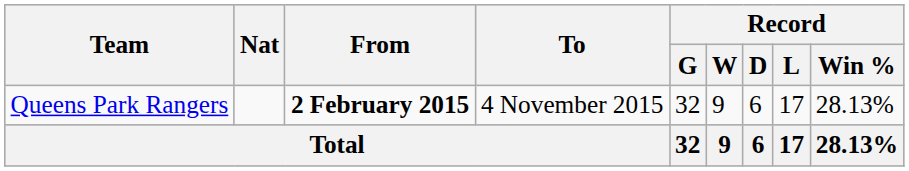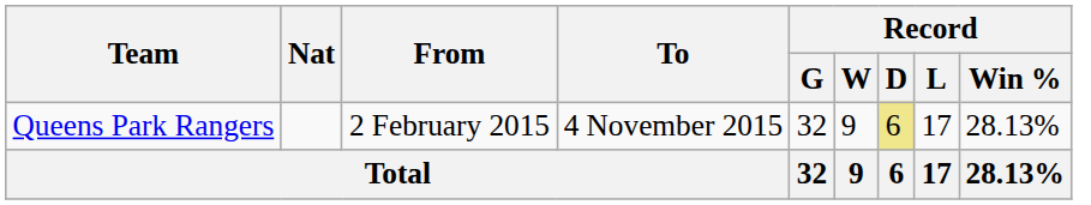 <table class="wikitable" style="text-align: centr">
 <tr>
 <th rowspan="2">Team</th>
 <th rowspan="2">Nat</th>
 <th rowspan="2">From</th>
 <th rowspan="2">To</th>
 <th colspan="5">Record</th>
 </tr>
 <tr>
 <th>G</th>
 <th>W</th>
 <th>D</th>
 <th>L</th>
 <th>Win %</th>
 </tr>
 <tr>
 <td align=left><a href='#'>Queens Park Rangers</a></td>
 <td></td>
-<td align=left><strong>2 February 2015</strong></td>
+<td align=left>2 February 2015</td>
 <td align=left>4 November 2015</td>
 <td>32</td>
 <td>9</td>
-<td>6</td>
+<td style="background: khaki;">6</td>
 <td>17</td>
 <td>28.13%</td>
 </tr>
 <tr>
 <th colspan="4">Total</th>
 <th>32</th>
 <th>9</th>
 <th>6</th>
 <th>17</th>
 <th>28.13%</th>
 </tr>
 </table>
